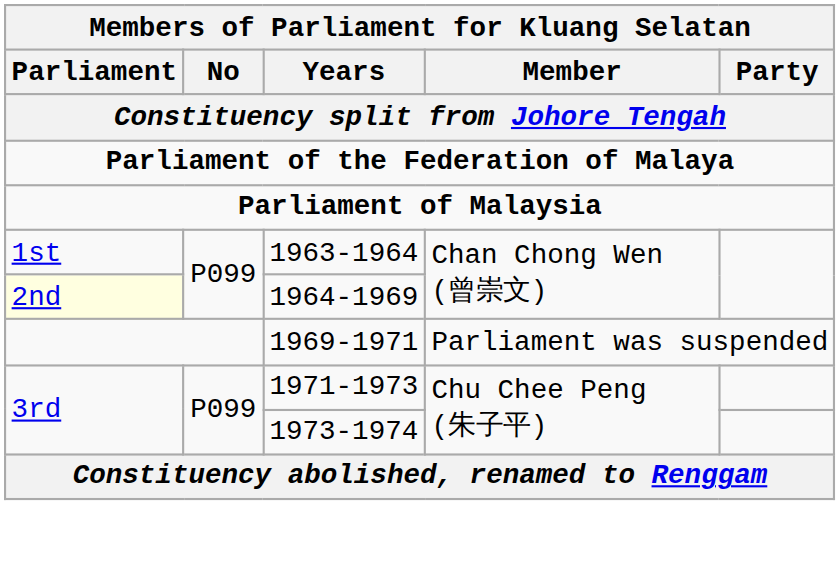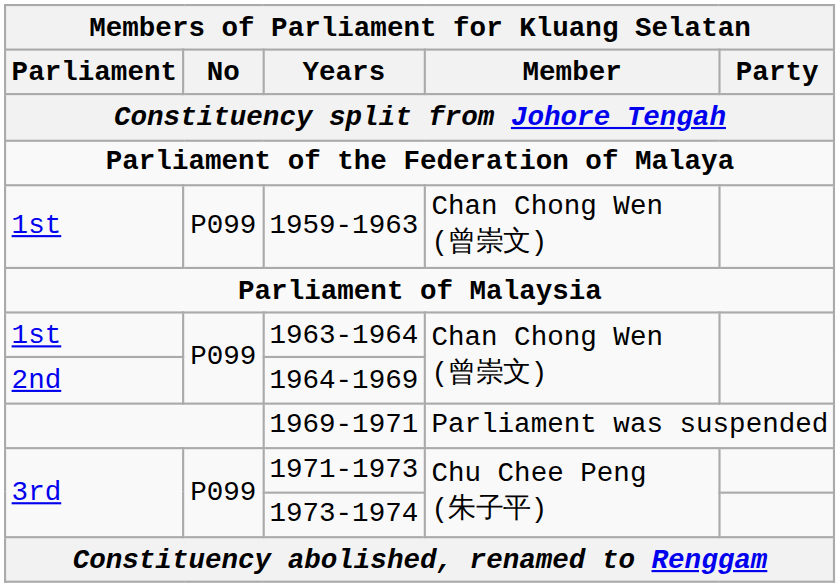 <table class=wikitable>
 <tr>
 <th colspan="5">Members of Parliament for Kluang Selatan</th>
 </tr>
 <tr>
 <th>Parliament</th>
 <th>No</th>
 <th>Years</th>
 <th>Member</th>
 <th>Party</th>
 </tr>
 <tr>
 <th colspan="5" align="center"><em>Constituency split from <a href='#'>Johore Tengah</a></em></th>
 </tr>
 <tr>
 <td colspan="5" align="center"><strong>Parliament of the Federation of Malaya</strong></td>
 </tr>
 <tr>
+<td><a href='#'>1st</a></td>
+<td>P099</td>
+<td>1959-1963</td>
+<td>Chan Chong Wen <br> (曾崇文)</td>
+<td></td>
+</tr>
+<tr>
 <td colspan="5" align="center"><strong>Parliament of Malaysia</strong></td>
 </tr>
 <tr>
 <td><a href='#'>1st</a></td>
 <td rowspan="2">P099</td>
 <td>1963-1964</td>
 <td rowspan=2>Chan Chong Wen  <br>(曾崇文)</td>
 <td rowspan="2"></td>
 </tr>
 <tr>
-<td style="background: lightyellow;"><a href='#'>2nd</a></td>
+<td><a href='#'>2nd</a></td>
 <td>1964-1969</td>
 </tr>
 <tr>
 <td colspan="2"></td>
 <td>1969-1971</td>
 <td colspan=2 align=center>Parliament was suspended</td>
 </tr>
 <tr>
 <td rowspan=2><a href='#'>3rd</a></td>
 <td rowspan="2">P099</td>
 <td>1971-1973</td>
 <td rowspan=2>Chu Chee Peng <br> (朱子平)</td>
 <td></td>
 </tr>
 <tr>
 <td>1973-1974</td>
 <td></td>
 </tr>
 <tr>
 <th colspan="5" align="center"><em>Constituency abolished, renamed to <a href='#'>Renggam</a></em></th>
 </tr>
 </table>
